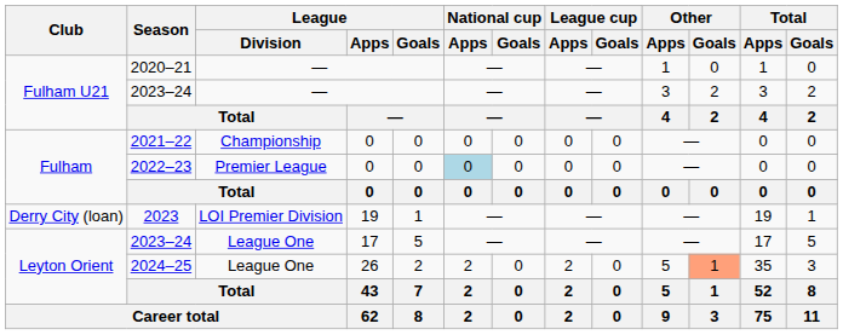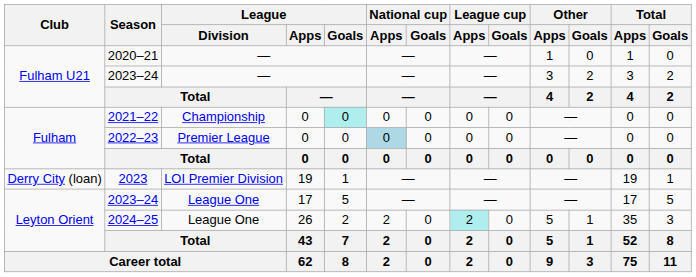 <table class="wikitable" style="text-align:center">
 <tr>
 <th rowspan="2">Club</th>
 <th rowspan="2">Season</th>
 <th colspan="3">League</th>
 <th colspan="2">National cup</th>
 <th colspan="2">League cup</th>
 <th colspan="2">Other</th>
 <th colspan="2">Total</th>
 </tr>
 <tr>
 <th>Division</th>
 <th>Apps</th>
 <th>Goals</th>
 <th>Apps</th>
 <th>Goals</th>
 <th>Apps</th>
 <th>Goals</th>
 <th>Apps</th>
 <th>Goals</th>
 <th>Apps</th>
 <th>Goals</th>
 </tr>
 <tr>
 <td rowspan="3"><a href='#'>Fulham U21</a></td>
 <td>2020–21</td>
 <td colspan="3">—</td>
 <td colspan="2">—</td>
 <td colspan="2">—</td>
 <td>1</td>
 <td>0</td>
 <td>1</td>
 <td>0</td>
 </tr>
 <tr>
 <td>2023–24</td>
 <td colspan="3">—</td>
 <td colspan="2">—</td>
 <td colspan="2">—</td>
 <td>3</td>
 <td>2</td>
 <td>3</td>
 <td>2</td>
 </tr>
 <tr>
 <th colspan="2">Total</th>
 <th colspan="2">—</th>
 <th colspan="2">—</th>
 <th colspan="2">—</th>
 <th>4</th>
 <th>2</th>
 <th>4</th>
 <th>2</th>
 </tr>
 <tr>
 <td rowspan="3"><a href='#'>Fulham</a></td>
 <td><a href='#'>2021–22</a></td>
 <td><a href='#'>Championship</a></td>
 <td>0</td>
-<td>0</td>
+<td style="background: paleturquoise;">0</td>
 <td>0</td>
 <td>0</td>
 <td>0</td>
 <td>0</td>
 <td colspan="2">—</td>
 <td>0</td>
 <td>0</td>
 </tr>
 <tr>
 <td><a href='#'>2022–23</a></td>
 <td><a href='#'>Premier League</a></td>
 <td>0</td>
 <td>0</td>
 <td style="background: lightblue;">0</td>
 <td>0</td>
 <td>0</td>
 <td>0</td>
 <td colspan="2">—</td>
 <td>0</td>
 <td>0</td>
 </tr>
 <tr>
 <th colspan="2">Total</th>
 <th>0</th>
 <th>0</th>
 <th>0</th>
 <th>0</th>
 <th>0</th>
 <th>0</th>
 <th>0</th>
 <th>0</th>
 <th>0</th>
 <th>0</th>
 </tr>
 <tr>
 <td><a href='#'>Derry City</a> (loan)</td>
 <td><a href='#'>2023</a></td>
 <td><a href='#'>LOI Premier Division</a></td>
 <td>19</td>
 <td>1</td>
 <td colspan="2">—</td>
 <td colspan="2">—</td>
 <td colspan="2">—</td>
 <td>19</td>
 <td>1</td>
 </tr>
 <tr>
 <td rowspan="3"><a href='#'>Leyton Orient</a></td>
 <td><a href='#'>2023–24</a></td>
 <td><a href='#'>League One</a></td>
 <td>17</td>
 <td>5</td>
 <td colspan="2">—</td>
 <td colspan="2">—</td>
 <td colspan="2">—</td>
 <td>17</td>
 <td>5</td>
 </tr>
 <tr>
 <td><a href='#'>2024–25</a></td>
 <td>League One</td>
 <td>26</td>
 <td>2</td>
 <td>2</td>
 <td>0</td>
-<td>2</td>
+<td style="background: paleturquoise;">2</td>
 <td>0</td>
 <td>5</td>
-<td style="background: lightsalmon;">1</td>
+<td>1</td>
 <td>35</td>
 <td>3</td>
 </tr>
 <tr>
 <th colspan="2">Total</th>
 <th>43</th>
 <th>7</th>
 <th>2</th>
 <th>0</th>
 <th>2</th>
 <th>0</th>
 <th>5</th>
 <th>1</th>
 <th>52</th>
 <th>8</th>
 </tr>
 <tr>
 <th colspan="3">Career total</th>
 <th>62</th>
 <th>8</th>
 <th>2</th>
 <th>0</th>
 <th>2</th>
 <th>0</th>
 <th>9</th>
 <th>3</th>
 <th>75</th>
 <th>11</th>
 </tr>
 </table>
